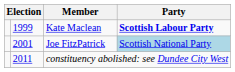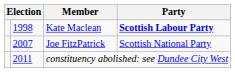 <table class="wikitable">
 <tr>
 <th colspan="2">Election</th>
 <th>Member</th>
 <th>Party</th>
 </tr>
 <tr>
 <td style="background-color: "></td>
-<td><a href='#'>1999</a></td>
+<td><a href='#'>1998</a></td>
 <td><a href='#'>Kate Maclean</a></td>
 <td><strong><a href='#'>Scottish Labour Party</a></strong></td>
 </tr>
 <tr>
 <td style="background-color: "></td>
-<td><a href='#'>2001</a></td>
+<td><a href='#'>2007</a></td>
 <td><a href='#'>Joe FitzPatrick</a></td>
-<td style="background: lightblue;"><a href='#'>Scottish National Party</a></td>
+<td><a href='#'>Scottish National Party</a></td>
 </tr>
 <tr>
 <td></td>
 <td><a href='#'>2011</a></td>
 <td colspan="2"><em>constituency abolished: see <a href='#'>Dundee City West</a></em></td>
 </tr>
 </table>
